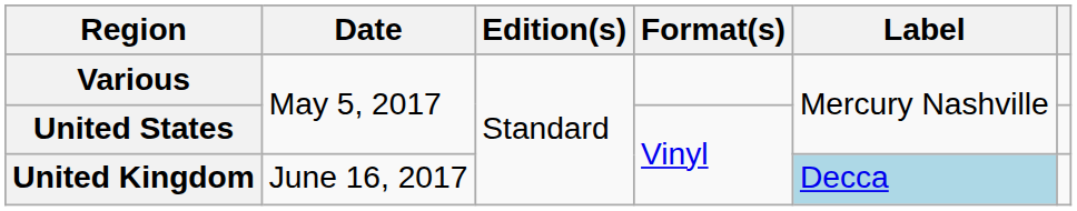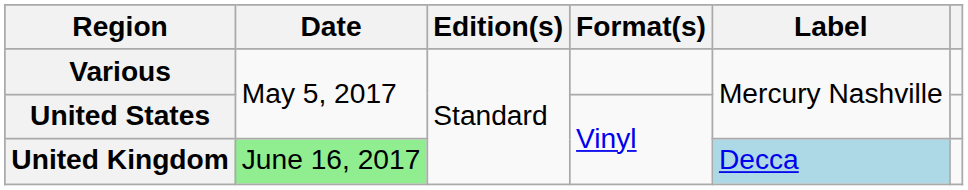 <table class="wikitable plainrowheaders">
 <tr>
 <th scope="col">Region</th>
 <th scope="col">Date</th>
 <th scope="col">Edition(s)</th>
 <th scope="col">Format(s)</th>
 <th scope="col">Label</th>
 <th scope="col"></th>
 </tr>
 <tr>
 <th scope="row">Various</th>
 <td rowspan=2>May 5, 2017</td>
 <td rowspan="3">Standard</td>
 <td></td>
 <td rowspan=2>Mercury Nashville</td>
 <td style="text-align:center;"></td>
 </tr>
 <tr>
 <th scope="row">United States</th>
 <td rowspan="2"><a href='#'>Vinyl</a></td>
 <td style="text-align:center;"></td>
 </tr>
 <tr>
 <th scope="row">United Kingdom</th>
-<td>June 16, 2017</td>
+<td style="background: lightgreen;">June 16, 2017</td>
 <td style="background: lightblue;"><a href='#'>Decca</a></td>
 <td style="text-align:center;"></td>
 </tr>
 </table>
